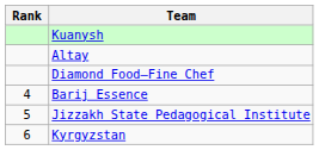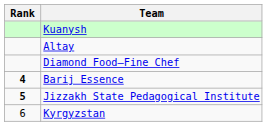 <table class="wikitable" style="text-align:center;">
 <tr>
 <th width=40>Rank</th>
 <th>Team</th>
 </tr>
 <tr bgcolor=#ccffcc>
 <td></td>
 <td style="text-align:left;"> <a href='#'>Kuanysh</a></td>
 </tr>
 <tr>
 <td></td>
 <td style="text-align:left;"> <a href='#'>Altay</a></td>
 </tr>
 <tr>
 <td></td>
 <td style="text-align:left;"> <a href='#'>Diamond Food–Fine Chef</a></td>
 </tr>
 <tr>
-<td>4</td>
+<td><strong>4</strong></td>
 <td style="text-align:left;"> <a href='#'>Barij Essence</a></td>
 </tr>
 <tr>
-<td>5</td>
+<td><strong>5</strong></td>
 <td style="text-align:left;"> <a href='#'>Jizzakh State Pedagogical Institute</a></td>
 </tr>
 <tr>
 <td>6</td>
 <td style="text-align:left;"> <a href='#'>Kyrgyzstan</a></td>
 </tr>
 </table>
